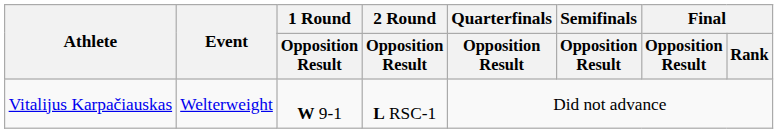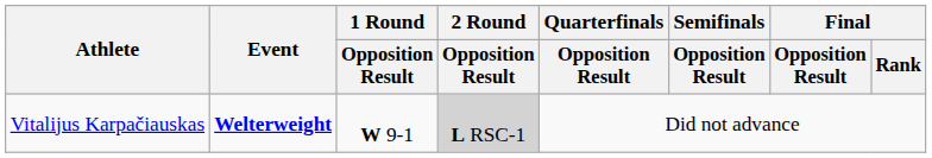 <table class="wikitable" style="font-size:90%">
 <tr>
 <th rowspan="2">Athlete</th>
 <th rowspan="2">Event</th>
 <th>1 Round</th>
 <th>2 Round</th>
 <th>Quarterfinals</th>
 <th>Semifinals</th>
 <th colspan=2>Final</th>
 </tr>
 <tr style="font-size:95%">
 <th>Opposition<br>Result</th>
 <th>Opposition<br>Result</th>
 <th>Opposition<br>Result</th>
 <th>Opposition<br>Result</th>
 <th>Opposition<br>Result</th>
 <th>Rank</th>
 </tr>
 <tr align=center>
 <td align=left><a href='#'>Vitalijus Karpačiauskas</a></td>
-<td align=left><a href='#'>Welterweight</a></td>
+<td align=left><strong><a href='#'>Welterweight</a></strong></td>
 <td> <br><strong>W</strong> 9-1</td>
-<td> <br><strong>L</strong> RSC-1</td>
+<td style="background: lightgrey;"> <br><strong>L</strong> RSC-1</td>
 <td colspan=4 align=center>Did not advance</td>
 </tr>
 </table>
